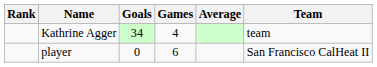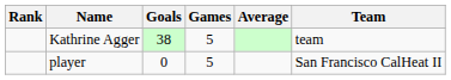 <table class="wikitable sortable"  style="text-align:center">
 <tr>
 <th>Rank</th>
 <th>Name</th>
 <th>Goals</th>
 <th>Games</th>
 <th>Average</th>
 <th>Team</th>
 </tr>
 <tr>
 <td></td>
 <td align="left">Kathrine Agger</td>
-<td bgcolor=#ccffcc>34</td>
-<td>4</td>
+<td bgcolor=#ccffcc>38</td>
+<td>5</td>
 <td bgcolor=#ccffcc></td>
 <td align="left">team</td>
 </tr>
 <tr>
 <td rowspan="2"></td>
 <td align="left">player</td>
 <td rowspan="2">0</td>
-<td>6</td>
+<td>5</td>
 <td></td>
 <td align="left">San Francisco CalHeat II</td>
 </tr>
 </table>
